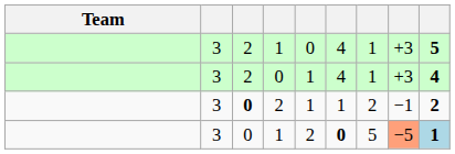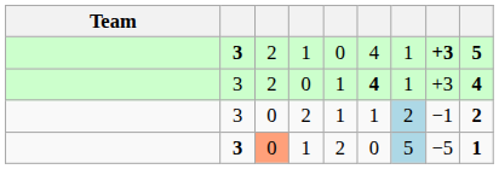 <table class="wikitable" style="text-align:center;">
 <tr>
 <th width=165>Team</th>
 <th width=20></th>
 <th width=20></th>
 <th width=20></th>
 <th width=20></th>
 <th width=20></th>
 <th width=20></th>
 <th width=20></th>
 <th width=20></th>
 </tr>
 <tr bgcolor="#ccffcc">
 <td align="left"></td>
-<td>3</td>
+<td><strong>3</strong></td>
 <td>2</td>
 <td>1</td>
 <td>0</td>
 <td>4</td>
 <td>1</td>
-<td>+3</td>
+<td><strong>+3</strong></td>
 <td><strong>5</strong></td>
 </tr>
 <tr bgcolor="#ccffcc">
 <td align="left"></td>
 <td>3</td>
 <td>2</td>
 <td>0</td>
 <td>1</td>
-<td>4</td>
+<td><strong>4</strong></td>
 <td>1</td>
 <td>+3</td>
 <td><strong>4</strong></td>
 </tr>
 <tr>
 <td align="left"></td>
 <td>3</td>
-<td><strong>0</strong></td>
+<td>0</td>
 <td>2</td>
 <td>1</td>
 <td>1</td>
-<td>2</td>
+<td style="background: lightblue;">2</td>
 <td>−1</td>
 <td><strong>2</strong></td>
 </tr>
 <tr>
 <td align="left"></td>
-<td>3</td>
-<td>0</td>
+<td><strong>3</strong></td>
+<td style="background: lightsalmon;">0</td>
 <td>1</td>
 <td>2</td>
-<td><strong>0</strong></td>
-<td>5</td>
-<td style="background: lightsalmon;">−5</td>
-<td style="background: lightblue;"><strong>1</strong></td>
+<td>0</td>
+<td style="background: lightblue;">5</td>
+<td>−5</td>
+<td><strong>1</strong></td>
 </tr>
 </table>
